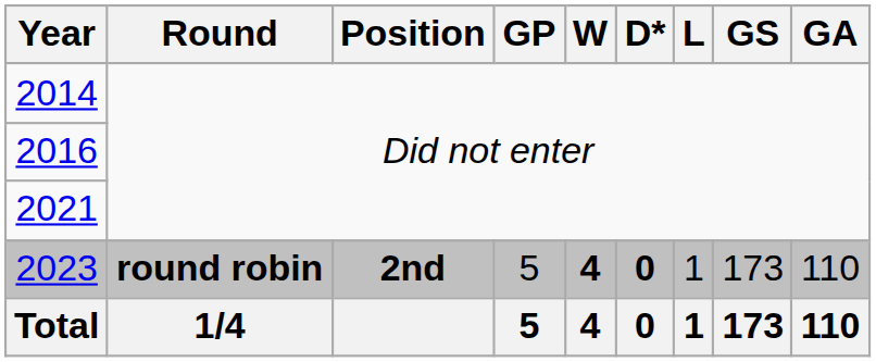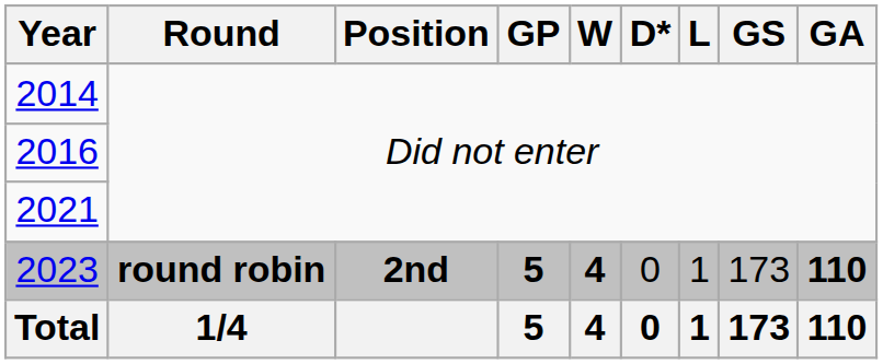 <table class="wikitable" style="text-align: center;">
 <tr>
 <th>Year</th>
 <th>Round</th>
 <th>Position</th>
 <th>GP</th>
 <th>W</th>
 <th>D*</th>
 <th>L</th>
 <th>GS</th>
 <th>GA</th>
 </tr>
 <tr>
 <td> <a href='#'>2014</a></td>
 <td colspan="8" rowspan="3"><em>Did not enter</em></td>
 </tr>
 <tr>
 <td> <a href='#'>2016</a></td>
 </tr>
 <tr>
 <td> <a href='#'>2021</a></td>
 </tr>
 <tr style="background:silver;">
 <td> <a href='#'>2023</a></td>
 <td><strong>round robin</strong></td>
 <td><strong>2nd</strong></td>
-<td>5</td>
+<td><strong>5</strong></td>
 <td><strong>4</strong></td>
-<td><strong>0</strong></td>
+<td>0</td>
 <td>1</td>
 <td>173</td>
-<td>110</td>
+<td><strong>110</strong></td>
 </tr>
 <tr>
 <th>Total</th>
 <th>1/4</th>
 <th></th>
 <th>5</th>
 <th>4</th>
 <th>0</th>
 <th>1</th>
 <th>173</th>
 <th>110</th>
 </tr>
 </table>
